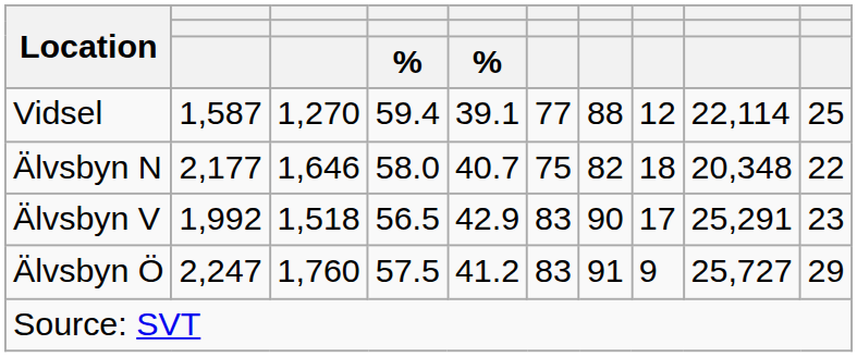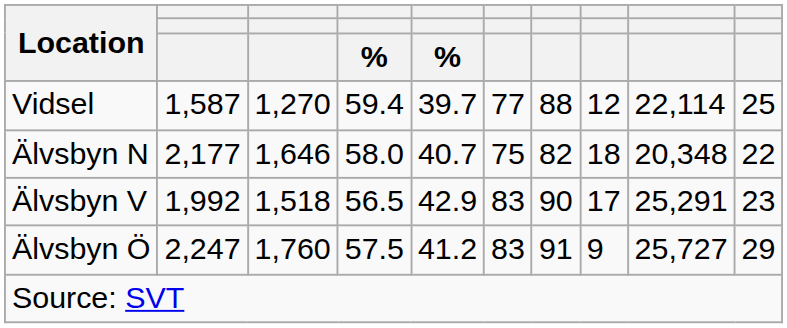 <table role="presentation" class="wikitable sortable mw-collapsible">
 <tr>
 <th rowspan="3">Location</th>
 <th></th>
 <th></th>
 <th></th>
 <th></th>
 <th></th>
 <th></th>
 <th></th>
 <th></th>
 <th></th>
 </tr>
 <tr>
 <th></th>
 <th></th>
 <th style="background:"></th>
 <th style="background:"></th>
 <th></th>
 <th></th>
 <th></th>
 <th></th>
 <th></th>
 </tr>
 <tr>
 <th data-sort-type="number"></th>
 <th data-sort-type="number"></th>
 <th data-sort-type="number">%</th>
 <th data-sort-type="number">%</th>
 <th data-sort-type="number"></th>
 <th data-sort-type="number"></th>
 <th data-sort-type="number"></th>
 <th data-sort-type="number"></th>
 <th data-sort-type="number"></th>
 </tr>
 <tr>
 <td align="left">Vidsel</td>
 <td>1,587</td>
 <td>1,270</td>
 <td>59.4</td>
-<td>39.1</td>
+<td>39.7</td>
 <td>77</td>
 <td>88</td>
 <td>12</td>
 <td>22,114</td>
 <td>25</td>
 </tr>
 <tr>
 <td align="left">Älvsbyn N</td>
 <td>2,177</td>
 <td>1,646</td>
 <td>58.0</td>
 <td>40.7</td>
 <td>75</td>
 <td>82</td>
 <td>18</td>
 <td>20,348</td>
 <td>22</td>
 </tr>
 <tr>
 <td align="left">Älvsbyn V</td>
 <td>1,992</td>
 <td>1,518</td>
 <td>56.5</td>
 <td>42.9</td>
 <td>83</td>
 <td>90</td>
 <td>17</td>
 <td>25,291</td>
 <td>23</td>
 </tr>
 <tr>
 <td align="left">Älvsbyn Ö</td>
 <td>2,247</td>
 <td>1,760</td>
 <td>57.5</td>
 <td>41.2</td>
 <td>83</td>
 <td>91</td>
 <td>9</td>
 <td>25,727</td>
 <td>29</td>
 </tr>
 <tr>
 <td colspan="10" align="left">Source: <a href='#'>SVT</a></td>
 </tr>
 </table>
